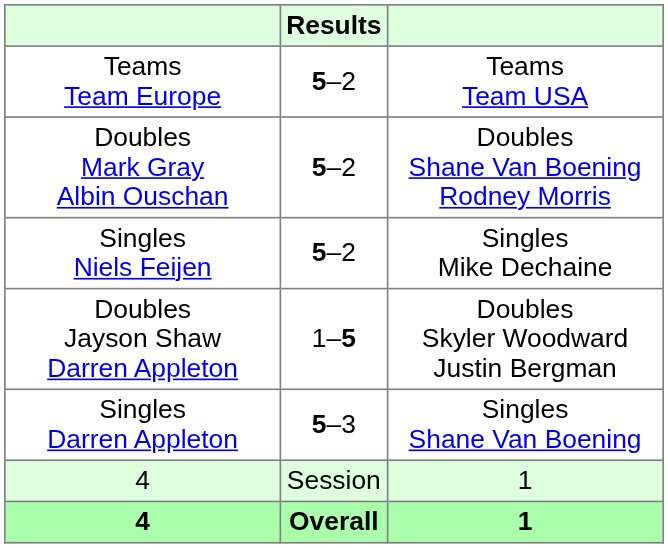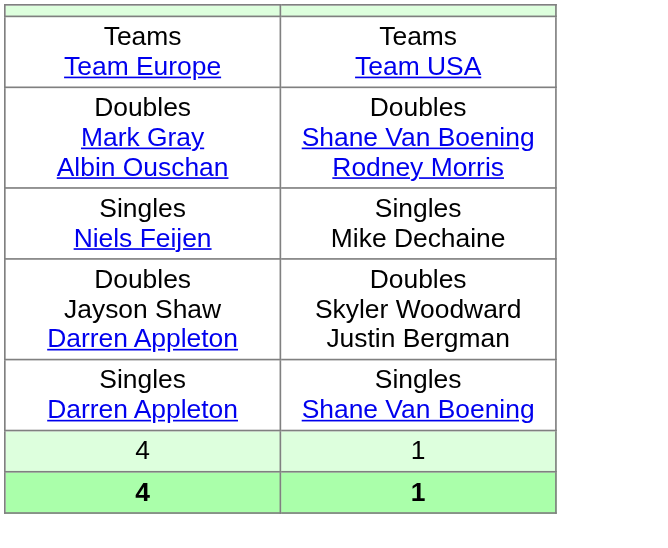 <table border="1" cellpadding="3" style="border-collapse: collapse;">
 <tr bgcolor="#ddffdd">
 <th width="160"></th>
-<th>Results</th>
 <th width="160"></th>
 </tr>
 <tr>
 <td align="center">Teams<br><a href='#'>Team Europe</a></td>
-<td align="center"><strong>5</strong>–2</td>
 <td align="center">Teams<br><a href='#'>Team USA</a></td>
 </tr>
 <tr>
 <td align="center">Doubles<br><a href='#'>Mark Gray</a><br><a href='#'>Albin Ouschan</a></td>
-<td align="center"><strong>5</strong>–2</td>
 <td align="center">Doubles<br><a href='#'>Shane Van Boening</a><br><a href='#'>Rodney Morris</a></td>
 </tr>
 <tr>
 <td align="center">Singles<br><a href='#'>Niels Feijen</a></td>
-<td align="center"><strong>5</strong>–2</td>
 <td align="center">Singles<br>Mike Dechaine</td>
 </tr>
 <tr>
 <td align="center">Doubles<br>Jayson Shaw<br><a href='#'>Darren Appleton</a></td>
-<td align="center">1–<strong>5</strong></td>
 <td align="center">Doubles<br>Skyler Woodward<br>Justin Bergman</td>
 </tr>
 <tr>
 <td align="center">Singles<br><a href='#'>Darren Appleton</a></td>
-<td align="center"><strong>5</strong>–3</td>
 <td align="center">Singles<br><a href='#'>Shane Van Boening</a></td>
 </tr>
 <tr bgcolor="#ddffdd">
 <td align="center">4</td>
-<td align="center">Session</td>
 <td align="center">1</td>
 </tr>
 <tr bgcolor="#aaffaa">
 <th align="center">4</th>
-<th align="center">Overall</th>
 <th align="center">1</th>
 </tr>
 </table>
